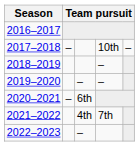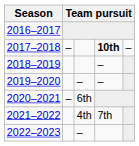 <table class="wikitable" style="display: inline-table;">
 <tr>
 <th>Season</th>
 <th colspan="4">Team pursuit</th>
 </tr>
 <tr>
 <td><a href='#'>2016–2017</a></td>
 <td colspan="4" bgcolor=#EEEEEE></td>
 </tr>
 <tr>
 <td><a href='#'>2017–2018</a></td>
 <td>–</td>
 <td></td>
-<td>10th</td>
+<td><strong>10th</strong></td>
 <td>–</td>
 </tr>
 <tr>
 <td><a href='#'>2018–2019</a></td>
 <td></td>
 <td></td>
 <td>–</td>
 <td colspan="1" bgcolor=#EEEEEE></td>
 </tr>
 <tr>
 <td><a href='#'>2019–2020</a></td>
 <td></td>
 <td>–</td>
 <td>–</td>
 <td colspan="1" bgcolor=#EEEEEE></td>
 </tr>
 <tr>
 <td><a href='#'>2020–2021</a></td>
 <td>–</td>
 <td>6th</td>
 <td colspan="4" bgcolor=#EEEEEE></td>
 </tr>
 <tr>
 <td><a href='#'>2021–2022</a></td>
 <td></td>
 <td>4th</td>
 <td>7th</td>
 <td colspan="7" bgcolor=#EEEEEE></td>
 </tr>
 <tr>
 <td><a href='#'>2022–2023</a></td>
 <td></td>
 <td>–</td>
 <td></td>
 <td colspan="7" bgcolor=#EEEEEE></td>
 </tr>
 </table>
